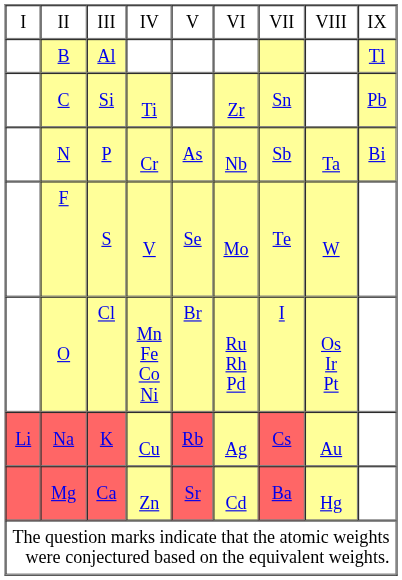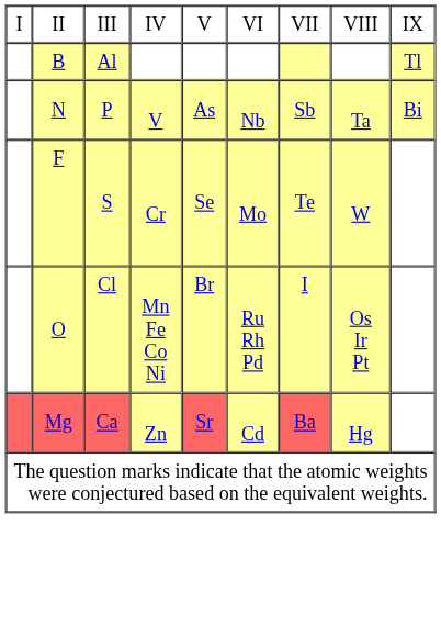 <table style="margin:auto;"  border="1" cellpadding="5" cellspacing="0">
 <tr style="text-align:center;">
 <td>I</td>
 <td>II</td>
 <td>III</td>
 <td>IV</td>
 <td>V</td>
 <td>VI</td>
 <td>VII</td>
 <td>VIII</td>
 <td>IX</td>
 </tr>
 <tr style="text-align:center;">
 <td></td>
 <td style="background:#ff9;"><a href='#'>B</a></td>
 <td style="background:#ff9;"><a href='#'>Al</a></td>
 <td></td>
 <td></td>
 <td></td>
 <td style="background:#ff9;"><a href='#'></a></td>
 <td></td>
 <td style="background:#ff9;"><a href='#'>Tl</a></td>
 </tr>
 <tr style="text-align:center;">
 <td></td>
-<td style="background:#ff9;"><a href='#'>C</a></td>
-<td style="background:#ff9;"><a href='#'>Si</a></td>
-<td style="background:#ff9;"><br><a href='#'>Ti</a></td>
-<td></td>
-<td style="background:#ff9;"><br><a href='#'>Zr</a></td>
-<td style="background:#ff9;"><a href='#'>Sn</a></td>
-<td></td>
-<td style="background:#ff9;"><a href='#'>Pb</a></td>
-</tr>
-<tr style="text-align:center;">
-<td></td>
 <td style="background:#ff9;"><a href='#'>N</a></td>
 <td style="background:#ff9;"><a href='#'>P</a></td>
-<td style="background:#ff9;"><br><a href='#'>Cr</a></td>
+<td style="background:#ff9;"><br><a href='#'>V</a></td>
 <td style="background:#ff9;"><a href='#'>As</a></td>
 <td style="background:#ff9;"><br><a href='#'>Nb</a></td>
 <td style="background:#ff9;"><a href='#'>Sb</a></td>
 <td style="background:#ff9;"><br><a href='#'>Ta</a></td>
 <td style="background:#ff9;"><a href='#'>Bi</a></td>
 </tr>
 <tr style="text-align:center;">
 <td></td>
 <td style="background:#ff9;"><a href='#'>F</a> <br> <br> <br> <br> <br></td>
 <td style="background:#ff9;"><a href='#'>S</a></td>
-<td style="background:#ff9;"><br><a href='#'>V</a></td>
+<td style="background:#ff9;"><br><a href='#'>Cr</a></td>
 <td style="background:#ff9;"><a href='#'>Se</a></td>
 <td style="background:#ff9;"><br><a href='#'>Mo</a></td>
 <td style="background:#ff9;"><a href='#'>Те</a></td>
 <td style="background:#ff9;"><br><a href='#'>W</a></td>
 <td></td>
 </tr>
 <tr style="text-align:center;">
 <td></td>
 <td style="background:#ff9;"><a href='#'>O</a></td>
 <td style="background:#ff9;"><a href='#'>Cl</a> <br> <br> <br> <br> <br></td>
 <td style="background:#ff9;"><br><a href='#'>Mn</a> <br><a href='#'>Fe</a> <br><a href='#'>Co</a> <br><a href='#'>Ni</a></td>
 <td style="background:#ff9;"><a href='#'>Br</a> <br> <br> <br> <br> <br></td>
 <td style="background:#ff9;"><br><a href='#'>Ru</a> <br><a href='#'>Rh</a> <br><a href='#'>Pd</a></td>
 <td style="background:#ff9;"><a href='#'>I</a> <br> <br> <br> <br> <br></td>
 <td style="background:#ff9;"><br><a href='#'>Os</a> <br><a href='#'>Ir</a> <br><a href='#'>Pt</a></td>
 <td></td>
 </tr>
 <tr style="text-align:center;">
-<td style="background:#f66;"><a href='#'>Li</a></td>
-<td style="background:#f66;"><a href='#'>Na</a></td>
-<td style="background:#f66;"><a href='#'>K</a></td>
-<td style="background:#ff9;"><br><a href='#'>Cu</a></td>
-<td style="background:#f66;"><a href='#'>Rb</a></td>
-<td style="background:#ff9;"><br><a href='#'>Ag</a></td>
-<td style="background:#f66;"><a href='#'>Cs</a></td>
-<td style="background:#ff9;"><br><a href='#'>Au</a></td>
-<td></td>
-</tr>
-<tr style="text-align:center;">
 <td style="background:#f66;"><a href='#'></a></td>
 <td style="background:#f66;"><a href='#'>Mg</a></td>
 <td style="background:#f66;"><a href='#'>Ca</a></td>
 <td style="background:#ff9;"><br><a href='#'>Zn</a></td>
 <td style="background:#f66;"><a href='#'>Sr</a></td>
 <td style="background:#ff9;"><br><a href='#'>Cd</a></td>
 <td style="background:#f66;"><a href='#'>Ba</a></td>
 <td style="background:#ff9;"><br><a href='#'>Hg</a></td>
 <td></td>
 </tr>
 <tr>
 <td colspan="9" style="text-align:right;"> The question marks indicate that the atomic weights<br>were conjectured based on the equivalent weights.</td>
 </tr>
 </table>
